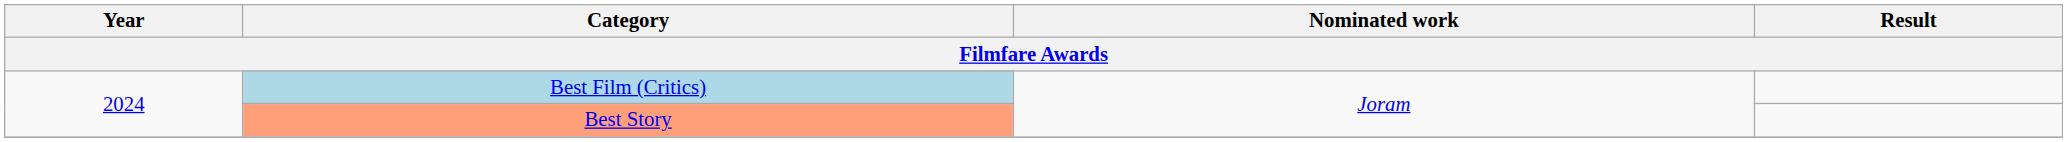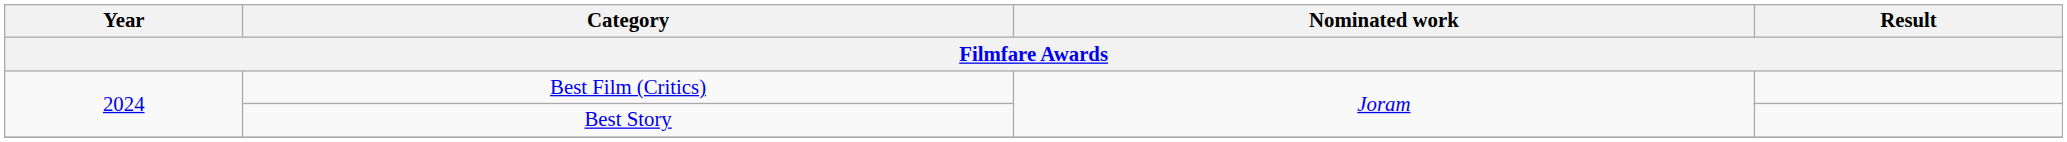 <table class="wikitable sortable" style="width: 100%; text-align: center;">
 <tr>
 <th scope="col">Year</th>
 <th scope="col">Category</th>
 <th scope="col">Nominated work</th>
 <th scope="col">Result</th>
 </tr>
 <tr>
 <th colspan="6" style="background:FFC1CC;"><a href='#'>Filmfare Awards</a></th>
 </tr>
 <tr>
 <td rowspan="2"><a href='#'>2024</a></td>
-<td style="background: lightblue;"><a href='#'>Best Film (Critics)</a></td>
+<td><a href='#'>Best Film (Critics)</a></td>
 <td rowspan="2"><em><a href='#'>Joram</a></em></td>
 <td></td>
 </tr>
 <tr>
-<td style="background: lightsalmon;"><a href='#'>Best Story</a></td>
+<td><a href='#'>Best Story</a></td>
 <td></td>
 </tr>
 <tr>
 </tr>
 </table>
